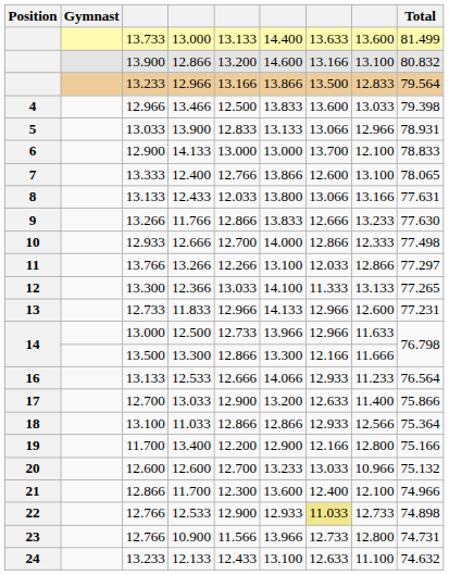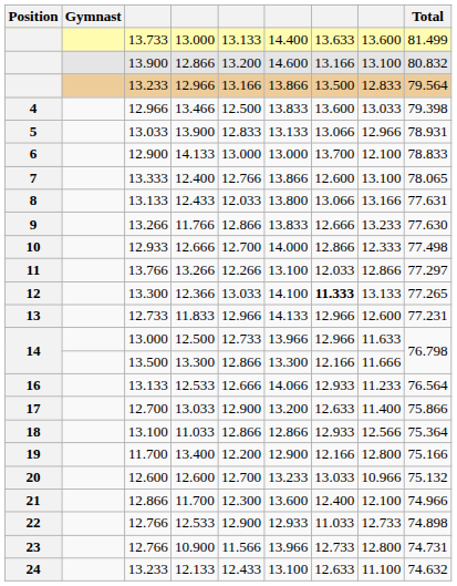 <table class="wikitable sortable" style="text-align:center; font-size:100%">
 <tr>
 <th>Position</th>
 <th>Gymnast</th>
 <th></th>
 <th></th>
 <th></th>
 <th></th>
 <th></th>
 <th></th>
 <th>Total</th>
 </tr>
 <tr style="background:#fffcaf;">
 <th scope="row" style="text-align:center"></th>
 <td style="text-align:left;"></td>
 <td>13.733</td>
 <td>13.000</td>
 <td>13.133</td>
 <td>14.400</td>
 <td>13.633</td>
 <td>13.600</td>
 <td>81.499</td>
 </tr>
 <tr style="background:#e5e5e5;">
 <th scope="row" style="text-align:center"></th>
 <td style="text-align:left;"></td>
 <td>13.900</td>
 <td>12.866</td>
 <td>13.200</td>
 <td>14.600</td>
 <td>13.166</td>
 <td>13.100</td>
 <td>80.832</td>
 </tr>
 <tr style="background:#ec9;">
 <th scope="row" style="text-align:center"></th>
 <td style="text-align:left;"></td>
 <td>13.233</td>
 <td>12.966</td>
 <td>13.166</td>
 <td>13.866</td>
 <td>13.500</td>
 <td>12.833</td>
 <td>79.564</td>
 </tr>
 <tr>
 <th>4</th>
 <td style="text-align:left;"></td>
 <td>12.966</td>
 <td>13.466</td>
 <td>12.500</td>
 <td>13.833</td>
 <td>13.600</td>
 <td>13.033</td>
 <td>79.398</td>
 </tr>
 <tr>
 <th>5</th>
 <td style="text-align:left;"></td>
 <td>13.033</td>
 <td>13.900</td>
 <td>12.833</td>
 <td>13.133</td>
 <td>13.066</td>
 <td>12.966</td>
 <td>78.931</td>
 </tr>
 <tr>
 <th>6</th>
 <td style="text-align:left;"></td>
 <td>12.900</td>
 <td>14.133</td>
 <td>13.000</td>
 <td>13.000</td>
 <td>13.700</td>
 <td>12.100</td>
 <td>78.833</td>
 </tr>
 <tr>
 <th>7</th>
 <td style="text-align:left;"></td>
 <td>13.333</td>
 <td>12.400</td>
 <td>12.766</td>
 <td>13.866</td>
 <td>12.600</td>
 <td>13.100</td>
 <td>78.065</td>
 </tr>
 <tr>
 <th>8</th>
 <td style="text-align:left;"></td>
 <td>13.133</td>
 <td>12.433</td>
 <td>12.033</td>
 <td>13.800</td>
 <td>13.066</td>
 <td>13.166</td>
 <td>77.631</td>
 </tr>
 <tr>
 <th>9</th>
 <td style="text-align:left;"></td>
 <td>13.266</td>
 <td>11.766</td>
 <td>12.866</td>
 <td>13.833</td>
 <td>12.666</td>
 <td>13.233</td>
 <td>77.630</td>
 </tr>
 <tr>
 <th>10</th>
 <td style="text-align:left;"></td>
 <td>12.933</td>
 <td>12.666</td>
 <td>12.700</td>
 <td>14.000</td>
 <td>12.866</td>
 <td>12.333</td>
 <td>77.498</td>
 </tr>
 <tr>
 <th>11</th>
 <td style="text-align:left;"></td>
 <td>13.766</td>
 <td>13.266</td>
 <td>12.266</td>
 <td>13.100</td>
 <td>12.033</td>
 <td>12.866</td>
 <td>77.297</td>
 </tr>
 <tr>
 <th>12</th>
 <td style="text-align:left;"></td>
 <td>13.300</td>
 <td>12.366</td>
 <td>13.033</td>
 <td>14.100</td>
-<td>11.333</td>
+<td><strong>11.333</strong></td>
 <td>13.133</td>
 <td>77.265</td>
 </tr>
 <tr>
 <th>13</th>
 <td style="text-align:left;"></td>
 <td>12.733</td>
 <td>11.833</td>
 <td>12.966</td>
 <td>14.133</td>
 <td>12.966</td>
 <td>12.600</td>
 <td>77.231</td>
 </tr>
 <tr>
 <th rowspan="2">14</th>
 <td style="text-align:left;"></td>
 <td>13.000</td>
 <td>12.500</td>
 <td>12.733</td>
 <td>13.966</td>
 <td>12.966</td>
 <td>11.633</td>
 <td rowspan="2">76.798</td>
 </tr>
 <tr>
 <td style="text-align:left;"></td>
 <td>13.500</td>
 <td>13.300</td>
 <td>12.866</td>
 <td>13.300</td>
 <td>12.166</td>
 <td>11.666</td>
 </tr>
 <tr>
 <th>16</th>
 <td style="text-align:left;"></td>
 <td>13.133</td>
 <td>12.533</td>
 <td>12.666</td>
 <td>14.066</td>
 <td>12.933</td>
 <td>11.233</td>
 <td>76.564</td>
 </tr>
 <tr>
 <th>17</th>
 <td style="text-align:left;"></td>
 <td>12.700</td>
 <td>13.033</td>
 <td>12.900</td>
 <td>13.200</td>
 <td>12.633</td>
 <td>11.400</td>
 <td>75.866</td>
 </tr>
 <tr>
 <th>18</th>
 <td style="text-align:left;"></td>
 <td>13.100</td>
 <td>11.033</td>
 <td>12.866</td>
 <td>12.866</td>
 <td>12.933</td>
 <td>12.566</td>
 <td>75.364</td>
 </tr>
 <tr>
 <th>19</th>
 <td style="text-align:left;"></td>
 <td>11.700</td>
 <td>13.400</td>
 <td>12.200</td>
 <td>12.900</td>
 <td>12.166</td>
 <td>12.800</td>
 <td>75.166</td>
 </tr>
 <tr>
 <th>20</th>
 <td style="text-align:left;"></td>
 <td>12.600</td>
 <td>12.600</td>
 <td>12.700</td>
 <td>13.233</td>
 <td>13.033</td>
 <td>10.966</td>
 <td>75.132</td>
 </tr>
 <tr>
 <th>21</th>
 <td style="text-align:left;"></td>
 <td>12.866</td>
 <td>11.700</td>
 <td>12.300</td>
 <td>13.600</td>
 <td>12.400</td>
 <td>12.100</td>
 <td>74.966</td>
 </tr>
 <tr>
 <th>22</th>
 <td style="text-align:left;"></td>
 <td>12.766</td>
 <td>12.533</td>
 <td>12.900</td>
 <td>12.933</td>
-<td style="background: khaki;">11.033</td>
+<td>11.033</td>
 <td>12.733</td>
 <td>74.898</td>
 </tr>
 <tr>
 <th>23</th>
 <td style="text-align:left;"></td>
 <td>12.766</td>
 <td>10.900</td>
 <td>11.566</td>
 <td>13.966</td>
 <td>12.733</td>
 <td>12.800</td>
 <td>74.731</td>
 </tr>
 <tr>
 <th>24</th>
 <td style="text-align:left;"></td>
 <td>13.233</td>
 <td>12.133</td>
 <td>12.433</td>
 <td>13.100</td>
 <td>12.633</td>
 <td>11.100</td>
 <td>74.632</td>
 </tr>
 </table>
